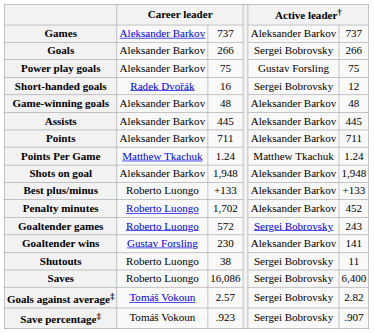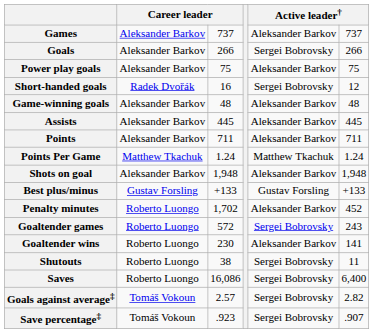 <table class="wikitable" style="text-align: center; font-size: 95">
 <tr>
 <th></th>
 <th colspan="2">Career leader</th>
 <th rowspan="18"></th>
 <th colspan="2">Active leader<sup>†</sup></th>
 </tr>
 <tr>
 <th>Games</th>
 <td><a href='#'>Aleksander Barkov</a></td>
 <td>737</td>
 <td>Aleksander Barkov</td>
 <td>737</td>
 </tr>
 <tr>
 <th>Goals</th>
 <td>Aleksander Barkov</td>
 <td>266</td>
 <td>Sergei Bobrovsky</td>
 <td>266</td>
 </tr>
 <tr>
 <th>Power play goals</th>
 <td>Aleksander Barkov</td>
 <td>75</td>
-<td>Gustav Forsling</td>
+<td>Aleksander Barkov</td>
 <td>75</td>
 </tr>
 <tr>
 <th>Short-handed goals</th>
 <td><a href='#'>Radek Dvořák</a></td>
 <td>16</td>
 <td>Sergei Bobrovsky</td>
 <td>12</td>
 </tr>
 <tr>
 <th>Game-winning goals</th>
 <td>Aleksander Barkov</td>
 <td>48</td>
 <td>Aleksander Barkov</td>
 <td>48</td>
 </tr>
 <tr>
 <th>Assists</th>
 <td>Aleksander Barkov</td>
 <td>445</td>
 <td>Aleksander Barkov</td>
 <td>445</td>
 </tr>
 <tr>
 <th>Points</th>
 <td>Aleksander Barkov</td>
 <td>711</td>
 <td>Aleksander Barkov</td>
 <td>711</td>
 </tr>
 <tr>
 <th>Points Per Game</th>
 <td><a href='#'>Matthew Tkachuk</a></td>
 <td>1.24</td>
 <td>Matthew Tkachuk</td>
 <td>1.24</td>
 </tr>
 <tr>
 <th>Shots on goal</th>
 <td>Aleksander Barkov</td>
 <td>1,948</td>
 <td>Aleksander Barkov</td>
 <td>1,948</td>
 </tr>
 <tr>
 <th>Best plus/minus</th>
-<td>Roberto Luongo</td>
+<td><a href='#'>Gustav Forsling</a></td>
 <td>+133</td>
-<td>Aleksander Barkov</td>
+<td>Gustav Forsling</td>
 <td>+133</td>
 </tr>
 <tr>
 <th>Penalty minutes</th>
 <td><a href='#'>Roberto Luongo</a></td>
 <td>1,702</td>
 <td>Aleksander Barkov</td>
 <td>452</td>
 </tr>
 <tr>
 <th>Goaltender games</th>
 <td><a href='#'>Roberto Luongo</a></td>
 <td>572</td>
 <td><a href='#'>Sergei Bobrovsky</a></td>
 <td>243</td>
 </tr>
 <tr>
 <th>Goaltender wins</th>
-<td><a href='#'>Gustav Forsling</a></td>
+<td>Roberto Luongo</td>
 <td>230</td>
 <td>Aleksander Barkov</td>
 <td>141</td>
 </tr>
 <tr>
 <th>Shutouts</th>
 <td>Roberto Luongo</td>
 <td>38</td>
 <td>Sergei Bobrovsky</td>
 <td>11</td>
 </tr>
 <tr>
 <th>Saves</th>
 <td>Roberto Luongo</td>
 <td>16,086</td>
 <td>Sergei Bobrovsky</td>
 <td>6,400</td>
 </tr>
 <tr>
 <th>Goals against average<sup>‡</sup></th>
 <td><a href='#'>Tomáš Vokoun</a></td>
 <td>2.57</td>
 <td>Sergei Bobrovsky</td>
 <td>2.82</td>
 </tr>
 <tr>
 <th>Save percentage<sup>‡</sup></th>
 <td>Tomáš Vokoun</td>
 <td>.923</td>
 <td>Sergei Bobrovsky</td>
 <td>.907</td>
 </tr>
 </table>
